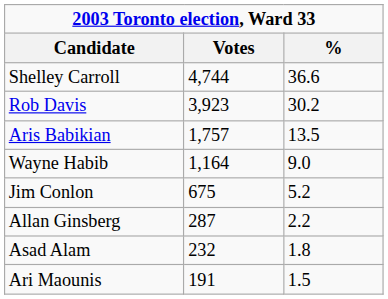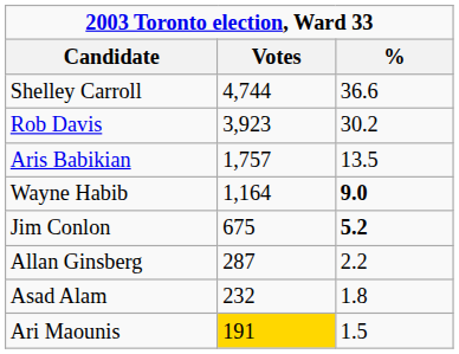 <table class="wikitable">
 <tr>
 <td Colspan="3" align="center"><strong><a href='#'>2003 Toronto election</a>, Ward 33</strong></td>
 </tr>
 <tr>
 <th bgcolor="#DDDDFF" width="150px">Candidate</th>
 <th bgcolor="#DDDDFF" width="80px">Votes</th>
 <th bgcolor="#DDDDFF" width="80px">%</th>
 </tr>
 <tr>
 <td>Shelley Carroll</td>
 <td>4,744</td>
 <td>36.6</td>
 </tr>
 <tr>
 <td><a href='#'>Rob Davis</a></td>
 <td>3,923</td>
 <td>30.2</td>
 </tr>
 <tr>
 <td><a href='#'>Aris Babikian</a></td>
 <td>1,757</td>
 <td>13.5</td>
 </tr>
 <tr>
 <td>Wayne Habib</td>
 <td>1,164</td>
-<td>9.0</td>
+<td><strong>9.0</strong></td>
 </tr>
 <tr>
 <td>Jim Conlon</td>
 <td>675</td>
-<td>5.2</td>
+<td><strong>5.2</strong></td>
 </tr>
 <tr>
 <td>Allan Ginsberg</td>
 <td>287</td>
 <td>2.2</td>
 </tr>
 <tr>
 <td>Asad Alam</td>
 <td>232</td>
 <td>1.8</td>
 </tr>
 <tr>
 <td>Ari Maounis</td>
-<td>191</td>
+<td style="background: gold;">191</td>
 <td>1.5</td>
 </tr>
 </table>
